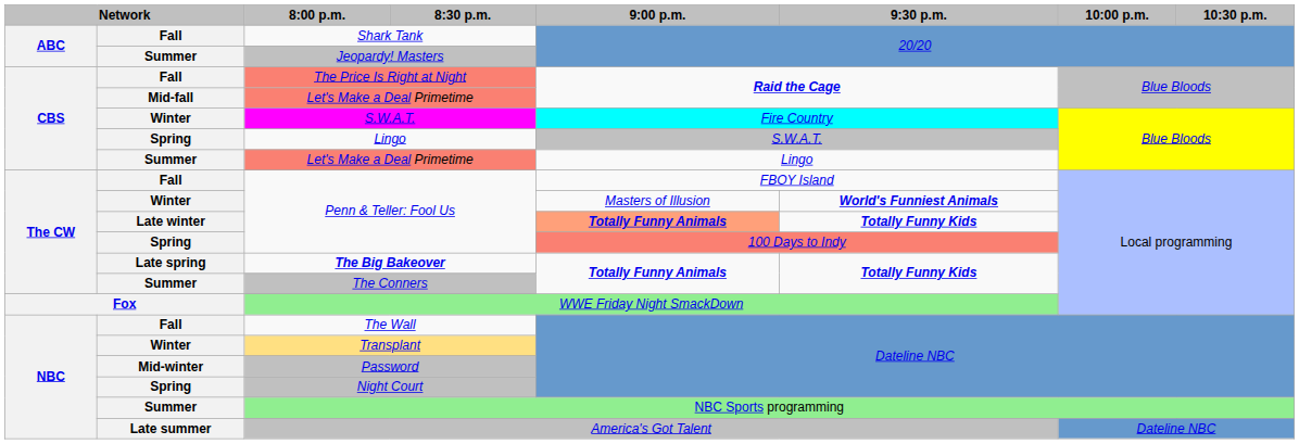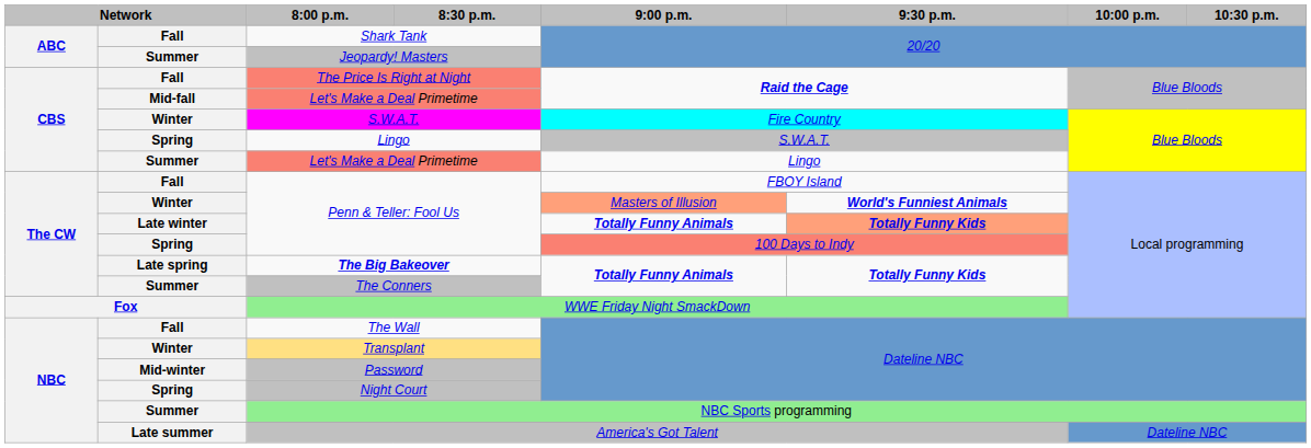 <table class="wikitable" style="width:100%;margin-right:0;text-align:center">
 <tr>
 <th colspan="2" style="background-color:#C0C0C0;text-align:center">Network</th>
 <th style="background-color:#C0C0C0;text-align:center">8:00 p.m.</th>
 <th style="background-color:#C0C0C0;text-align:center">8:30 p.m.</th>
 <th style="background-color:#C0C0C0;text-align:center">9:00 p.m.</th>
 <th style="background-color:#C0C0C0;text-align:center">9:30 p.m.</th>
 <th style="background-color:#C0C0C0;text-align:center">10:00 p.m.</th>
 <th style="background-color:#C0C0C0;text-align:center">10:30 p.m.</th>
 </tr>
 <tr>
 <th rowspan="2"><a href='#'>ABC</a></th>
 <th>Fall</th>
 <td colspan="2"><em><a href='#'>Shark Tank</a></em></td>
 <td rowspan="2" colspan="4" style="background:#6699CC;"><em><a href='#'>20/20</a></em></td>
 </tr>
 <tr>
 <th>Summer</th>
 <td colspan="2" style="background:#C0C0C0;"><em><a href='#'>Jeopardy! Masters</a></em> </td>
 </tr>
 <tr>
 <th rowspan="5"><a href='#'>CBS</a></th>
 <th>Fall</th>
 <td colspan="2" style="background:#FA8072;"><em><a href='#'>The Price Is Right at Night</a></em></td>
 <td rowspan="2" colspan="2"><strong><em><a href='#'>Raid the Cage</a></em></strong></td>
 <td rowspan="2" colspan="2" style="background:#C0C0C0;"><em><a href='#'>Blue Bloods</a></em> </td>
 </tr>
 <tr>
 <th>Mid-fall</th>
 <td colspan="2" style="background:#FA8072;"><em><a href='#'>Let's Make a Deal</a> Primetime</em></td>
 </tr>
 <tr>
 <th>Winter</th>
 <td colspan="2" style="background:magenta;"><em><a href='#'>S.W.A.T.</a></em> </td>
 <td colspan="2" style="background:cyan;"><em><a href='#'>Fire Country</a></em> </td>
 <td rowspan="3" colspan="2" style="background:yellow;"><em><a href='#'>Blue Bloods</a></em> </td>
 </tr>
 <tr>
 <th>Spring</th>
 <td colspan="2"><em><a href='#'>Lingo</a></em></td>
 <td colspan="2" style="background:#C0C0C0;"><em><a href='#'>S.W.A.T.</a></em> </td>
 </tr>
 <tr>
 <th>Summer</th>
 <td colspan="2" style="background:#FA8072;"><em><a href='#'>Let's Make a Deal</a> Primetime</em></td>
 <td colspan="2"><em><a href='#'>Lingo</a></em></td>
 </tr>
 <tr>
 <th rowspan="6"><a href='#'>The CW</a></th>
 <th>Fall</th>
 <td rowspan="4" colspan="2"><em><a href='#'>Penn & Teller: Fool Us</a></em></td>
 <td colspan="2"><em><a href='#'>FBOY Island</a></em></td>
 <td rowspan="7" colspan="2" style="background:#abbfff;">Local programming</td>
 </tr>
 <tr>
 <th>Winter</th>
-<td><em><a href='#'>Masters of Illusion</a></em></td>
+<td style="background: lightsalmon;"><em><a href='#'>Masters of Illusion</a></em></td>
 <td><strong><em><a href='#'>World's Funniest Animals</a></em></strong></td>
 </tr>
 <tr>
 <th>Late winter</th>
-<td style="background: lightsalmon;"><strong><em><a href='#'>Totally Funny Animals</a></em></strong></td>
-<td><strong><em><a href='#'>Totally Funny Kids</a></em></strong></td>
+<td><strong><em><a href='#'>Totally Funny Animals</a></em></strong></td>
+<td style="background: lightsalmon;"><strong><em><a href='#'>Totally Funny Kids</a></em></strong></td>
 </tr>
 <tr>
 <th>Spring</th>
 <td colspan="2" style="background:#FA8072;"><em><a href='#'>100 Days to Indy</a></em></td>
 </tr>
 <tr>
 <th>Late spring</th>
 <td colspan="2"><strong><em><a href='#'>The Big Bakeover</a></em></strong></td>
 <td rowspan="2"><strong><em><a href='#'>Totally Funny Animals</a></em></strong></td>
 <td rowspan="2"><strong><em><a href='#'>Totally Funny Kids</a></em></strong></td>
 </tr>
 <tr>
 <th>Summer</th>
 <td colspan="2" style="background:#C0C0C0;"><em><a href='#'>The Conners</a></em> </td>
 </tr>
 <tr>
 <th colspan="2"><a href='#'>Fox</a></th>
 <td colspan="4" style="background:lightgreen;"><em><a href='#'>WWE Friday Night SmackDown</a></em></td>
 </tr>
 <tr>
 <th rowspan="6"><a href='#'>NBC</a></th>
 <th>Fall</th>
 <td colspan="2"><em><a href='#'>The Wall</a></em></td>
 <td rowspan="4" colspan="4" style="background:#6699CC;"><em><a href='#'>Dateline NBC</a></em></td>
 </tr>
 <tr>
 <th>Winter</th>
 <td colspan="2" style="background:#FFE082;"><em><a href='#'>Transplant</a></em></td>
 </tr>
 <tr>
 <th>Mid-winter</th>
 <td colspan="2" style="background:#C0C0C0;"><em><a href='#'>Password</a></em> </td>
 </tr>
 <tr>
 <th>Spring</th>
 <td colspan="2" style="background:#C0C0C0;"><em><a href='#'>Night Court</a></em> </td>
 </tr>
 <tr>
 <th>Summer</th>
 <td colspan="6" style="background:lightgreen;"><a href='#'>NBC Sports</a> programming</td>
 </tr>
 <tr>
 <th>Late summer</th>
 <td colspan="4" style="background:#C0C0C0;"><em><a href='#'>America's Got Talent</a></em> </td>
 <td colspan="2" style="background:#6699CC;"><em><a href='#'>Dateline NBC</a></em></td>
 </tr>
 </table>
